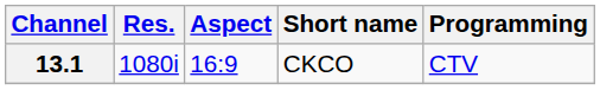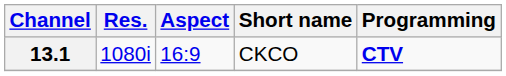 <table class="wikitable">
 <tr>
 <th scope = "col"><a href='#'>Channel</a></th>
 <th scope = "col"><a href='#'>Res.</a></th>
 <th scope = "col"><a href='#'>Aspect</a></th>
 <th scope = "col">Short name</th>
 <th scope = "col">Programming</th>
 </tr>
 <tr>
 <th scope = "row">13.1</th>
 <td><a href='#'>1080i</a></td>
 <td><a href='#'>16:9</a></td>
 <td>CKCO</td>
-<td><a href='#'>CTV</a></td>
+<td><strong><a href='#'>CTV</a></strong></td>
 </tr>
 <tr>
 </tr>
 </table>
